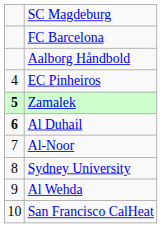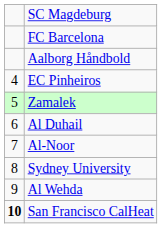 <table class="wikitable">
 <tr>
 <td align=center></td>
 <td> <a href='#'>SC Magdeburg</a></td>
 </tr>
 <tr>
 <td align=center></td>
 <td> <a href='#'>FC Barcelona</a></td>
 </tr>
 <tr>
 <td align=center></td>
 <td> <a href='#'>Aalborg Håndbold</a></td>
 </tr>
 <tr>
 <td align=center>4</td>
 <td> <a href='#'>EC Pinheiros</a></td>
 </tr>
 <tr>
-<td align=center bgcolor=#ccffcc><strong>5</strong></td>
+<td align=center bgcolor=#ccffcc>5</td>
 <td bgcolor=#ccffcc> <a href='#'>Zamalek</a></td>
 </tr>
 <tr>
-<td align=center><strong>6</strong></td>
+<td align=center>6</td>
 <td> <a href='#'>Al Duhail</a></td>
 </tr>
 <tr>
 <td align=center>7</td>
 <td> <a href='#'>Al-Noor</a></td>
 </tr>
 <tr>
 <td align=center>8</td>
 <td> <a href='#'>Sydney University</a></td>
 </tr>
 <tr>
 <td align=center>9</td>
 <td> <a href='#'>Al Wehda</a></td>
 </tr>
 <tr>
-<td align=center>10</td>
+<td align=center><strong>10</strong></td>
 <td> <a href='#'>San Francisco CalHeat</a></td>
 </tr>
 </table>
